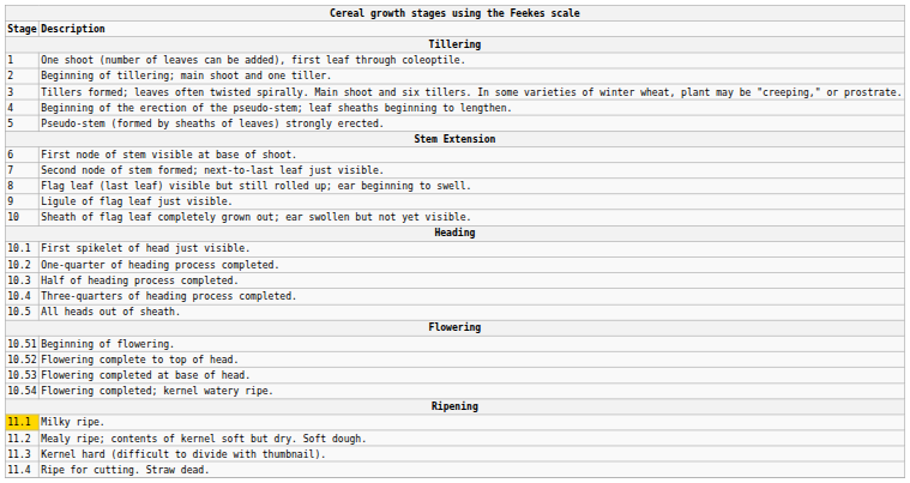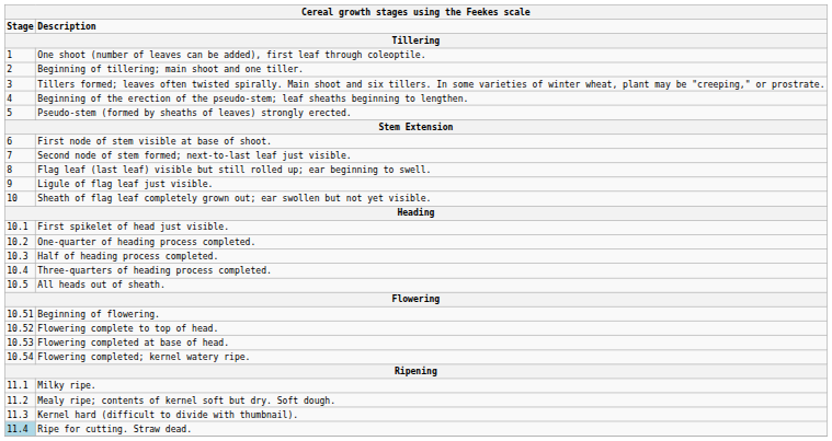 <table class="wikitable" style="clear">
 <tr>
 <th colspan=2><strong>Cereal growth stages using the Feekes scale</strong><br></th>
 </tr>
 <tr>
 <td><strong>Stage</strong></td>
 <td><strong>Description</strong></td>
 </tr>
 <tr>
 <th colspan=2>Tillering</th>
 </tr>
 <tr>
 <td>1</td>
 <td>One shoot (number of leaves can be added), first leaf through coleoptile.</td>
 </tr>
 <tr>
 <td>2</td>
 <td>Beginning of tillering; main shoot and one tiller.</td>
 </tr>
 <tr>
 <td>3</td>
 <td>Tillers formed; leaves often twisted spirally. Main shoot and six tillers. In some varieties of winter wheat, plant may  be "creeping," or prostrate.</td>
 </tr>
 <tr>
 <td>4</td>
 <td>Beginning of the erection of the pseudo-stem; leaf sheaths beginning to lengthen.</td>
 </tr>
 <tr>
 <td>5</td>
 <td>Pseudo-stem (formed by sheaths of leaves) strongly erected.</td>
 </tr>
 <tr>
 <th colspan=2>Stem Extension</th>
 </tr>
 <tr>
 <td>6</td>
 <td>First node of stem visible at base of shoot.</td>
 </tr>
 <tr>
 <td>7</td>
 <td>Second node of stem formed; next-to-last leaf just visible.</td>
 </tr>
 <tr>
 <td>8</td>
 <td>Flag leaf (last leaf) visible but still rolled up; ear beginning to swell.</td>
 </tr>
 <tr>
 <td>9</td>
 <td>Ligule of flag leaf just visible.</td>
 </tr>
 <tr>
 <td>10</td>
 <td>Sheath of flag leaf completely grown out; ear swollen but not yet visible.</td>
 </tr>
 <tr>
 <th colspan=2>Heading</th>
 </tr>
 <tr>
 <td>10.1</td>
 <td>First spikelet of head just visible.</td>
 </tr>
 <tr>
 <td>10.2</td>
 <td>One-quarter of heading process completed.</td>
 </tr>
 <tr>
 <td>10.3</td>
 <td>Half of heading process completed.</td>
 </tr>
 <tr>
 <td>10.4</td>
 <td>Three-quarters of heading process completed.</td>
 </tr>
 <tr>
 <td>10.5</td>
 <td>All heads out of sheath.</td>
 </tr>
 <tr>
 <th colspan=2>Flowering</th>
 </tr>
 <tr>
 <td>10.51</td>
 <td>Beginning of flowering.</td>
 </tr>
 <tr>
 <td>10.52</td>
 <td>Flowering complete to top of head.</td>
 </tr>
 <tr>
 <td>10.53</td>
 <td>Flowering completed at base of head.</td>
 </tr>
 <tr>
 <td>10.54</td>
 <td>Flowering completed; kernel watery ripe.</td>
 </tr>
 <tr>
 <th colspan=2>Ripening</th>
 </tr>
 <tr>
-<td style="background: gold;">11.1</td>
+<td>11.1</td>
 <td>Milky ripe.</td>
 </tr>
 <tr>
 <td>11.2</td>
 <td>Mealy ripe; contents of kernel soft but dry. Soft dough.</td>
 </tr>
 <tr>
 <td>11.3</td>
 <td>Kernel hard (difficult to divide with thumbnail).</td>
 </tr>
 <tr>
-<td>11.4</td>
+<td style="background: lightblue;">11.4</td>
 <td>Ripe for cutting. Straw dead.</td>
 </tr>
 <tr>
 </tr>
 </table>
